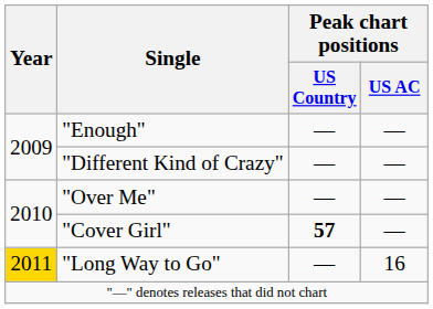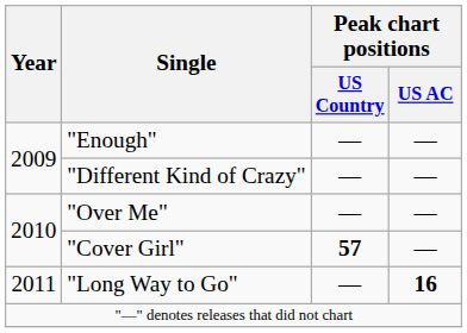 <table class="wikitable" style="text-align:center;">
 <tr>
 <th rowspan="2">Year</th>
 <th rowspan="2">Single</th>
 <th colspan="2">Peak chart<br>positions</th>
 </tr>
 <tr style="font-size:smaller;">
 <th width="45"><a href='#'>US Country</a></th>
 <th width="45"><a href='#'>US AC</a></th>
 </tr>
 <tr>
 <td rowspan="2">2009</td>
 <td align="left">"Enough"</td>
 <td>—</td>
 <td>—</td>
 </tr>
 <tr>
 <td align="left">"Different Kind of Crazy"</td>
 <td>—</td>
 <td>—</td>
 </tr>
 <tr>
 <td rowspan="2">2010</td>
 <td align="left">"Over Me"</td>
 <td>—</td>
 <td>—</td>
 </tr>
 <tr>
 <td align="left">"Cover Girl"</td>
 <td><strong>57</strong></td>
 <td>—</td>
 </tr>
 <tr>
-<td style="background: gold;">2011</td>
+<td>2011</td>
 <td align="left">"Long Way to Go"</td>
 <td>—</td>
-<td>16</td>
+<td><strong>16</strong></td>
 </tr>
 <tr>
 <td colspan="5" style="font-size:8pt">"—" denotes releases that did not chart</td>
 </tr>
 <tr>
 </tr>
 </table>
